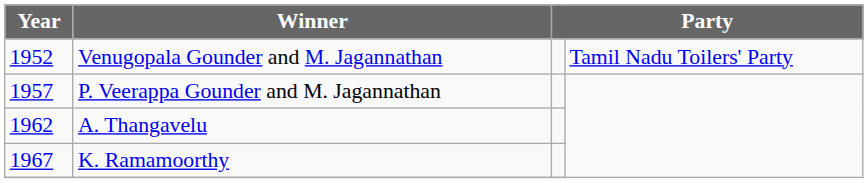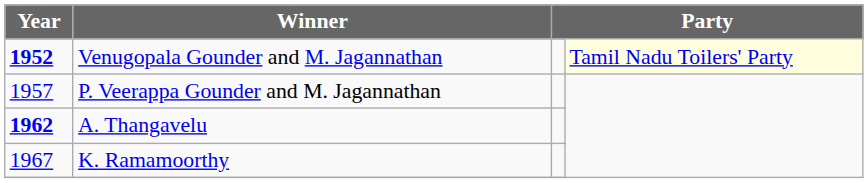 <table class="wikitable" width="50%">
 <tr>
 <th style="background-color:#666666; color:white">Year</th>
 <th style="background-color:#666666; color:white">Winner</th>
 <th style="background-color:#666666; color:white" colspan="2">Party</th>
 </tr>
 <tr>
-<td><a href='#'>1952</a></td>
+<td><strong><a href='#'>1952</a></strong></td>
 <td><a href='#'>Venugopala Gounder</a> and <a href='#'>M. Jagannathan</a></td>
 <td></td>
-<td><a href='#'>Tamil Nadu Toilers' Party</a></td>
+<td style="background: lightyellow;"><a href='#'>Tamil Nadu Toilers' Party</a></td>
 </tr>
 <tr>
 <td><a href='#'>1957</a></td>
 <td><a href='#'>P. Veerappa Gounder</a> and M. Jagannathan</td>
 <td></td>
 </tr>
 <tr>
-<td><a href='#'>1962</a></td>
+<td><strong><a href='#'>1962</a></strong></td>
 <td><a href='#'>A. Thangavelu</a></td>
 <td></td>
 </tr>
 <tr>
 <td><a href='#'>1967</a></td>
 <td><a href='#'>K. Ramamoorthy</a></td>
 <td></td>
 </tr>
 <tr>
 </tr>
 </table>
